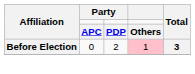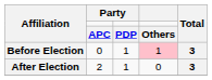 <table class="wikitable" style="text-align:center">
 <tr>
 <th rowspan="3">Affiliation</th>
 <th colspan="2">Party</th>
 <th></th>
 <th rowspan="3">Total</th>
 </tr>
 <tr>
 <td style="background-color:"></td>
 <td style="background-color:"></td>
 <td></td>
 </tr>
 <tr>
 <th><a href='#'>APC</a></th>
 <th><a href='#'>PDP</a></th>
 <th>Others</th>
 </tr>
 <tr>
 <th>Before Election</th>
 <td>0</td>
+<td>1</td>
+<td style="background: pink;">1</td>
+<th>3</th>
+</tr>
+<tr>
+<th>After Election</th>
 <td>2</td>
-<td style="background: pink;">1</td>
+<td>1</td>
+<td>0</td>
 <th>3</th>
 </tr>
 <tr>
 </tr>
 </table>
